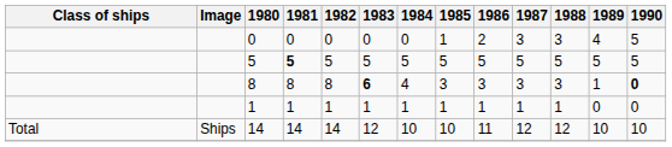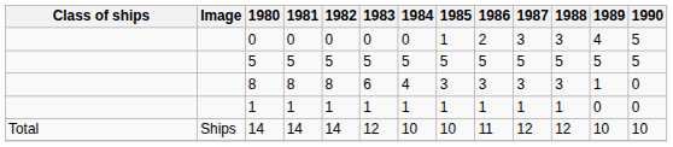 <table class="wikitable sortable collapsible collapsed">
 <tr>
 <th style="width:29%;">Class of ships</th>
 <th>Image</th>
 <th>1980</th>
 <th>1981</th>
 <th>1982</th>
 <th>1983</th>
 <th>1984</th>
 <th>1985</th>
 <th>1986</th>
 <th>1987</th>
 <th>1988</th>
 <th>1989</th>
 <th>1990</th>
 </tr>
 <tr valign="top">
 <td></td>
 <td></td>
 <td>0</td>
 <td>0</td>
 <td>0</td>
 <td>0</td>
 <td>0</td>
 <td>1</td>
 <td>2</td>
 <td>3</td>
 <td>3</td>
 <td>4</td>
 <td>5</td>
 </tr>
 <tr valign="top">
 <td></td>
 <td></td>
 <td>5</td>
-<td><strong>5</strong></td>
+<td>5</td>
 <td>5</td>
 <td>5</td>
 <td>5</td>
 <td>5</td>
 <td>5</td>
 <td>5</td>
 <td>5</td>
 <td>5</td>
 <td>5</td>
 </tr>
 <tr valign="top">
 <td></td>
 <td></td>
 <td>8</td>
 <td>8</td>
 <td>8</td>
-<td><strong>6</strong></td>
+<td>6</td>
 <td>4</td>
 <td>3</td>
 <td>3</td>
 <td>3</td>
 <td>3</td>
 <td>1</td>
-<td><strong>0</strong></td>
+<td>0</td>
 </tr>
 <tr valign="top">
 <td></td>
 <td></td>
 <td>1</td>
 <td>1</td>
 <td>1</td>
 <td>1</td>
 <td>1</td>
 <td>1</td>
 <td>1</td>
 <td>1</td>
 <td>1</td>
 <td>0</td>
 <td>0</td>
 </tr>
 <tr valign="top">
 <td>Total</td>
 <td>Ships</td>
 <td>14</td>
 <td>14</td>
 <td>14</td>
 <td>12</td>
 <td>10</td>
 <td>10</td>
 <td>11</td>
 <td>12</td>
 <td>12</td>
 <td>10</td>
 <td>10</td>
 </tr>
 <tr>
 </tr>
 </table>
